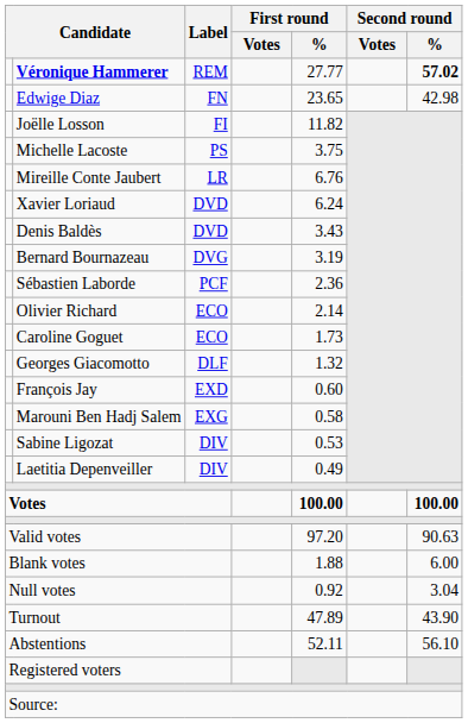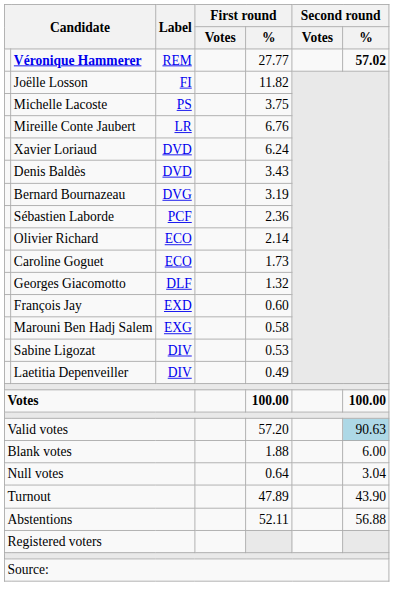 <table class="wikitable" style="text-align:right;font-size:95%;">
 <tr>
 <th rowspan="2" colspan="2">Candidate</th>
 <th rowspan="2">Label</th>
 <th colspan="2">First round</th>
 <th colspan="2">Second round</th>
 </tr>
 <tr>
 <th style="width:50px;">Votes</th>
 <th style="width:45px;">%</th>
 <th style="width:50px;">Votes</th>
 <th style="width:45px;">%</th>
 </tr>
 <tr>
 <td style="color:inherit;background:"></td>
 <td style="text-align:left;"><strong><a href='#'>Véronique Hammerer</a></strong></td>
 <td><a href='#'>REM</a></td>
 <td></td>
 <td>27.77</td>
 <td><strong></strong></td>
 <td><strong>57.02</strong></td>
-</tr>
-<tr>
-<td style="color:inherit;background:"></td>
-<td style="text-align:left;"><a href='#'>Edwige Diaz</a></td>
-<td><a href='#'>FN</a></td>
-<td></td>
-<td>23.65</td>
-<td></td>
-<td>42.98</td>
 </tr>
 <tr>
 <td style="color:inherit;background:"></td>
 <td style="text-align:left;">Joëlle Losson</td>
 <td><a href='#'>FI</a></td>
 <td></td>
 <td>11.82</td>
 <td colspan="2" rowspan="14" style="background:#E9E9E9;"></td>
 </tr>
 <tr>
 <td style="color:inherit;background:"></td>
 <td style="text-align:left;">Michelle Lacoste</td>
 <td><a href='#'>PS</a></td>
 <td></td>
 <td>3.75</td>
 </tr>
 <tr>
 <td style="color:inherit;background:"></td>
 <td style="text-align:left;">Mireille Conte Jaubert</td>
 <td><a href='#'>LR</a></td>
 <td></td>
 <td>6.76</td>
 </tr>
 <tr>
 <td style="color:inherit;background:"></td>
 <td style="text-align:left;">Xavier Loriaud</td>
 <td><a href='#'>DVD</a></td>
 <td></td>
 <td>6.24</td>
 </tr>
 <tr>
 <td style="color:inherit;background:"></td>
 <td style="text-align:left;">Denis Baldès</td>
 <td><a href='#'>DVD</a></td>
 <td></td>
 <td>3.43</td>
 </tr>
 <tr>
 <td style="color:inherit;background:"></td>
 <td style="text-align:left;">Bernard Bournazeau</td>
 <td><a href='#'>DVG</a></td>
 <td></td>
 <td>3.19</td>
 </tr>
 <tr>
 <td style="color:inherit;background:"></td>
 <td style="text-align:left;">Sébastien Laborde</td>
 <td><a href='#'>PCF</a></td>
 <td></td>
 <td>2.36</td>
 </tr>
 <tr>
 <td style="color:inherit;background:"></td>
 <td style="text-align:left;">Olivier Richard</td>
 <td><a href='#'>ECO</a></td>
 <td></td>
 <td>2.14</td>
 </tr>
 <tr>
 <td style="color:inherit;background:"></td>
 <td style="text-align:left;">Caroline Goguet</td>
 <td><a href='#'>ECO</a></td>
 <td></td>
 <td>1.73</td>
 </tr>
 <tr>
 <td style="color:inherit;background:"></td>
 <td style="text-align:left;">Georges Giacomotto</td>
 <td><a href='#'>DLF</a></td>
 <td></td>
 <td>1.32</td>
 </tr>
 <tr>
 <td style="color:inherit;background:"></td>
 <td style="text-align:left;">François Jay</td>
 <td><a href='#'>EXD</a></td>
 <td></td>
 <td>0.60</td>
 </tr>
 <tr>
 <td style="color:inherit;background:"></td>
 <td style="text-align:left;">Marouni Ben Hadj Salem</td>
 <td><a href='#'>EXG</a></td>
 <td></td>
 <td>0.58</td>
 </tr>
 <tr>
 <td style="color:inherit;background:"></td>
 <td style="text-align:left;">Sabine Ligozat</td>
 <td><a href='#'>DIV</a></td>
 <td></td>
 <td>0.53</td>
 </tr>
 <tr>
 <td style="color:inherit;background:"></td>
 <td style="text-align:left;">Laetitia Depenveiller</td>
 <td><a href='#'>DIV</a></td>
 <td></td>
 <td>0.49</td>
 </tr>
 <tr>
 <td colspan="7" style="background:#E9E9E9;"></td>
 </tr>
 <tr style="font-weight:bold;">
 <td colspan="3" style="text-align:left;">Votes</td>
 <td></td>
 <td>100.00</td>
 <td></td>
 <td>100.00</td>
 </tr>
 <tr>
 <td colspan="7" style="background:#E9E9E9;"></td>
 </tr>
 <tr>
 <td colspan="3" style="text-align:left;">Valid votes</td>
 <td></td>
-<td>97.20</td>
+<td>57.20</td>
 <td></td>
-<td>90.63</td>
+<td style="background: lightblue;">90.63</td>
 </tr>
 <tr>
 <td colspan="3" style="text-align:left;">Blank votes</td>
 <td></td>
 <td>1.88</td>
 <td></td>
 <td>6.00</td>
 </tr>
 <tr>
 <td colspan="3" style="text-align:left;">Null votes</td>
 <td></td>
-<td>0.92</td>
+<td>0.64</td>
 <td></td>
 <td>3.04</td>
 </tr>
 <tr>
 <td colspan="3" style="text-align:left;">Turnout</td>
 <td></td>
 <td>47.89</td>
 <td></td>
 <td>43.90</td>
 </tr>
 <tr>
 <td colspan="3" style="text-align:left;">Abstentions</td>
 <td></td>
 <td>52.11</td>
 <td></td>
-<td>56.10</td>
+<td>56.88</td>
 </tr>
 <tr>
 <td colspan="3" style="text-align:left;">Registered voters</td>
 <td></td>
 <td style="color:inherit;background:#E9E9E9;"></td>
 <td></td>
 <td style="color:inherit;background:#E9E9E9;"></td>
 </tr>
 <tr>
 <td colspan="7" style="background:#E9E9E9;"></td>
 </tr>
 <tr>
 <td colspan="7" style="text-align:left;">Source: </td>
 </tr>
 </table>
